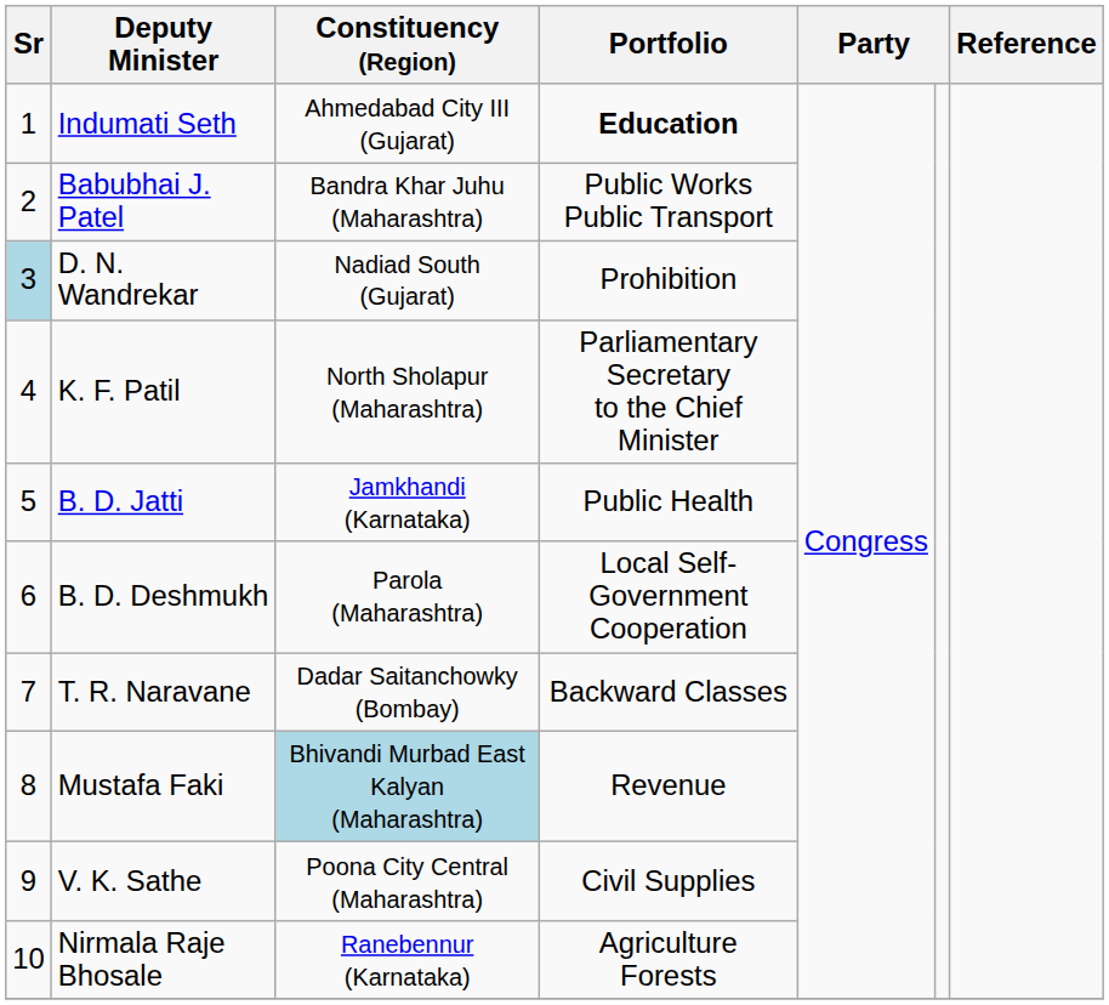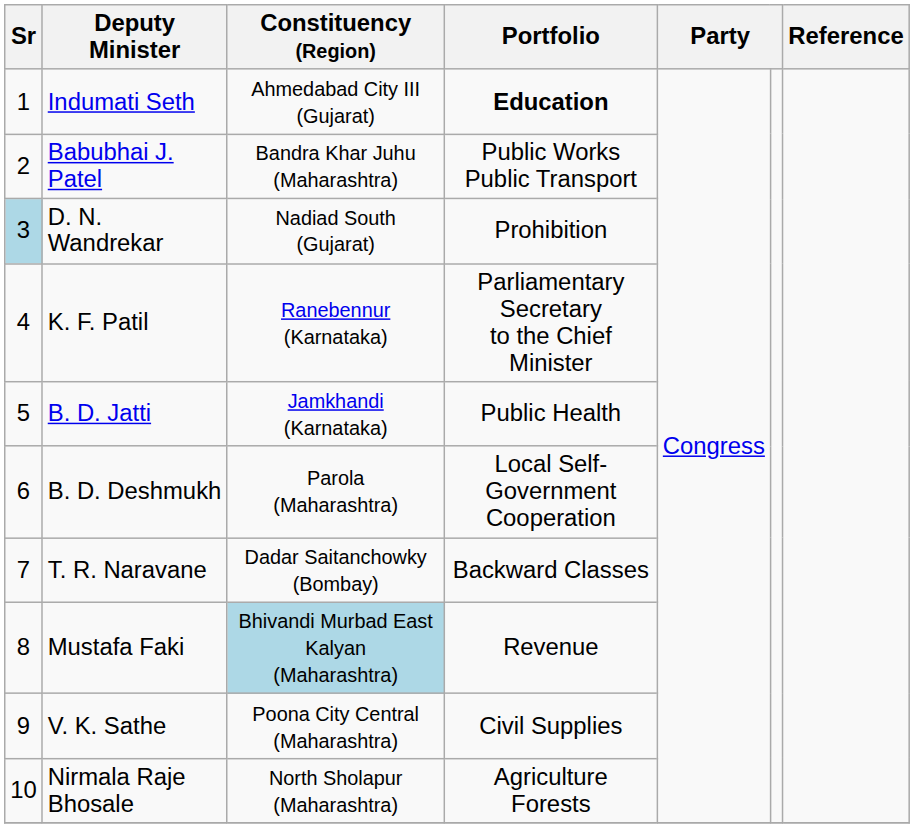 <table class="wikitable">
 <tr>
 <th>Sr</th>
 <th>Deputy Minister</th>
 <th>Constituency<br><small>(Region)</small></th>
 <th>Portfolio</th>
 <th colspan="2" scope="col">Party</th>
 <th>Reference</th>
 </tr>
 <tr>
 <td style="text-align:center;">1</td>
 <td><a href='#'>Indumati Seth</a></td>
 <td style="text-align:center;"><small>Ahmedabad City III<br>(Gujarat)</small></td>
 <td style="text-align:center;"><strong>Education</strong></td>
 <td style="text-align:center;" rowspan=10><a href='#'>Congress</a></td>
 <td rowspan=10 style="width:1px; background-color: "></td>
 <td style="text-align:center;" rowspan=10></td>
 </tr>
 <tr>
 <td style="text-align:center;">2</td>
 <td><a href='#'>Babubhai J. Patel</a></td>
 <td style="text-align:center;"><small>Bandra Khar Juhu<br>(Maharashtra)</small></td>
 <td style="text-align:center;">Public Works<br>Public Transport</td>
 </tr>
 <tr>
 <td style="background: lightblue; text-align:center;">3</td>
 <td>D. N. Wandrekar</td>
 <td style="text-align:center;"><small>Nadiad South<br>(Gujarat)</small></td>
 <td style="text-align:center;">Prohibition</td>
 </tr>
 <tr>
 <td style="text-align:center;">4</td>
 <td>K. F. Patil</td>
-<td style="text-align:center;"><small>North Sholapur<br>(Maharashtra)</small></td>
+<td style="text-align:center;"><small><a href='#'>Ranebennur</a><br>(Karnataka)</small></td>
 <td style="text-align:center;">Parliamentary Secretary<br>to the Chief Minister</td>
 </tr>
 <tr>
 <td style="text-align:center;">5</td>
 <td><a href='#'>B. D. Jatti</a></td>
 <td style="text-align:center;"><small><a href='#'>Jamkhandi</a><br>(Karnataka)</small></td>
 <td style="text-align:center;">Public Health</td>
 </tr>
 <tr>
 <td style="text-align:center;">6</td>
 <td>B. D. Deshmukh</td>
 <td style="text-align:center;"><small>Parola<br>(Maharashtra)</small></td>
 <td style="text-align:center;">Local Self-Government<br>Cooperation</td>
 </tr>
 <tr>
 <td style="text-align:center;">7</td>
 <td>T. R. Naravane</td>
 <td style="text-align:center;"><small>Dadar Saitanchowky<br>(Bombay)</small></td>
 <td style="text-align:center;">Backward Classes</td>
 </tr>
 <tr>
 <td style="text-align:center;">8</td>
 <td>Mustafa Faki</td>
 <td style="background: lightblue; text-align:center;"><small>Bhivandi Murbad East Kalyan<br>(Maharashtra)</small></td>
 <td style="text-align:center;">Revenue</td>
 </tr>
 <tr>
 <td style="text-align:center;">9</td>
 <td>V. K. Sathe</td>
 <td style="text-align:center;"><small>Poona City Central<br>(Maharashtra)</small></td>
 <td style="text-align:center;">Civil Supplies</td>
 </tr>
 <tr>
 <td style="text-align:center;">10</td>
 <td>Nirmala Raje Bhosale</td>
-<td style="text-align:center;"><small><a href='#'>Ranebennur</a><br>(Karnataka)</small></td>
+<td style="text-align:center;"><small>North Sholapur<br>(Maharashtra)</small></td>
 <td style="text-align:center;">Agriculture<br>Forests</td>
 </tr>
 <tr>
 </tr>
 </table>
